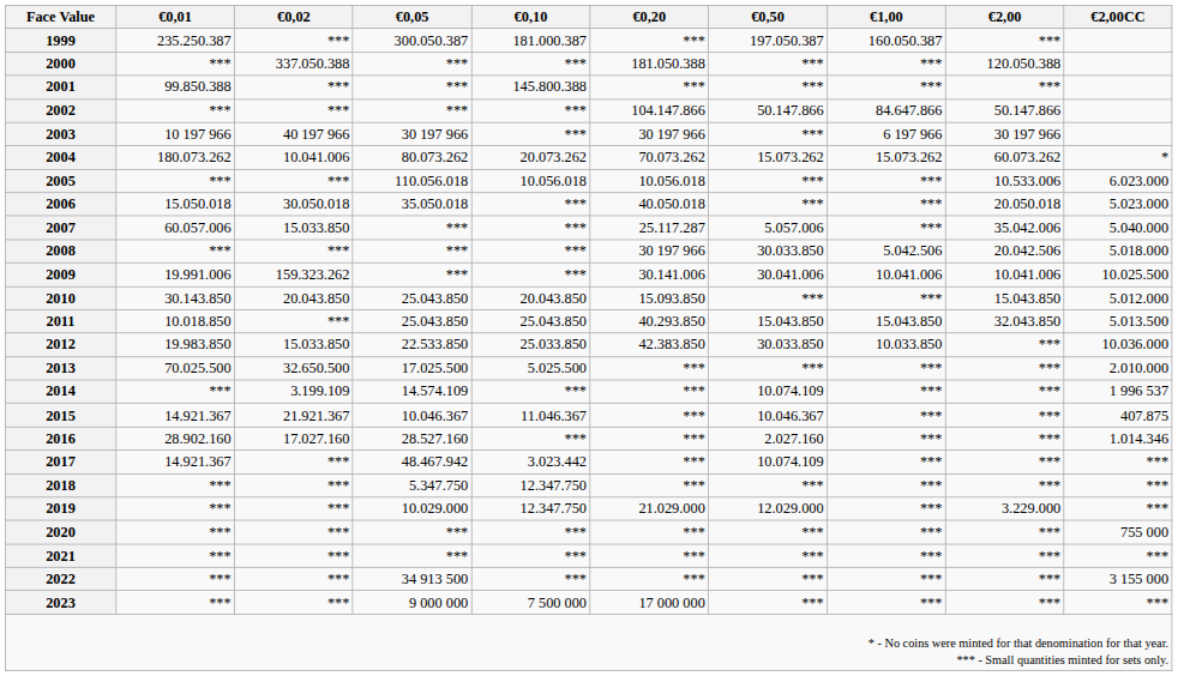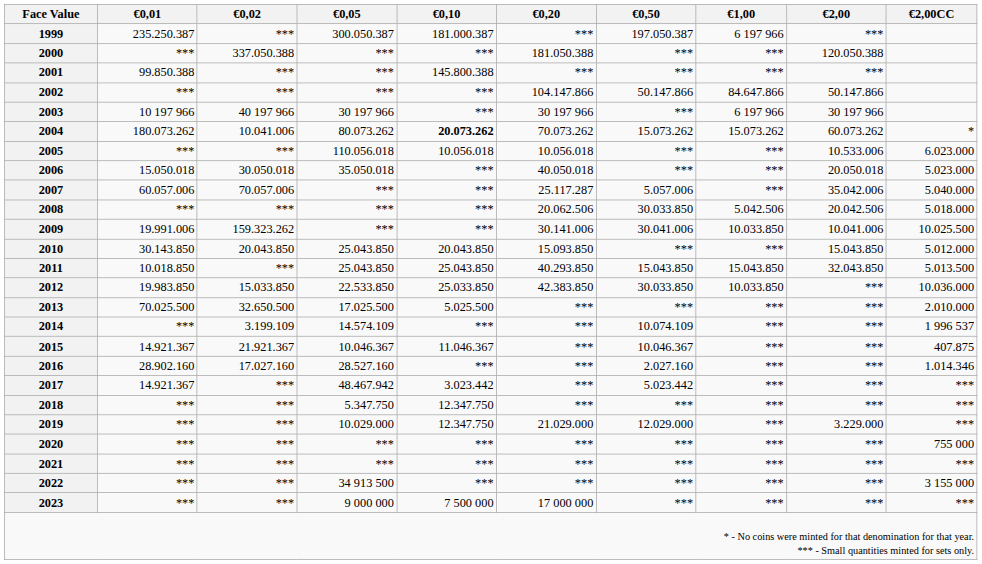 <table class="wikitable" style="width:100%;text-align:right">
 <tr>
 <th>Face Value</th>
 <th>€0,01</th>
 <th>€0,02</th>
 <th>€0,05</th>
 <th>€0,10</th>
 <th>€0,20</th>
 <th>€0,50</th>
 <th>€1,00</th>
 <th>€2,00</th>
 <th>€2,00CC</th>
 </tr>
 <tr>
 <th>1999</th>
 <td>235.250.387</td>
 <td>***</td>
 <td>300.050.387</td>
 <td>181.000.387</td>
 <td>***</td>
 <td>197.050.387</td>
-<td>160.050.387</td>
+<td>6 197 966</td>
 <td>***</td>
 <td></td>
 </tr>
 <tr>
 <th>2000</th>
 <td>***</td>
 <td>337.050.388</td>
 <td>***</td>
 <td>***</td>
 <td>181.050.388</td>
 <td>***</td>
 <td>***</td>
 <td>120.050.388</td>
 <td></td>
 </tr>
 <tr>
 <th>2001</th>
 <td>99.850.388</td>
 <td>***</td>
 <td>***</td>
 <td>145.800.388</td>
 <td>***</td>
 <td>***</td>
 <td>***</td>
 <td>***</td>
 <td></td>
 </tr>
 <tr>
 <th>2002</th>
 <td>***</td>
 <td>***</td>
 <td>***</td>
 <td>***</td>
 <td>104.147.866</td>
 <td>50.147.866</td>
 <td>84.647.866</td>
 <td>50.147.866</td>
 <td></td>
 </tr>
 <tr>
 <th>2003</th>
 <td>10 197 966</td>
 <td>40 197 966</td>
 <td>30 197 966</td>
 <td>***</td>
 <td>30 197 966</td>
 <td>***</td>
 <td>6 197 966</td>
 <td>30 197 966</td>
 <td></td>
 </tr>
 <tr>
 <th>2004</th>
 <td>180.073.262</td>
 <td>10.041.006</td>
 <td>80.073.262</td>
-<td>20.073.262</td>
+<td><strong>20.073.262</strong></td>
 <td>70.073.262</td>
 <td>15.073.262</td>
 <td>15.073.262</td>
 <td>60.073.262</td>
 <td>*</td>
 </tr>
 <tr>
 <th>2005</th>
 <td>***</td>
 <td>***</td>
 <td>110.056.018</td>
 <td>10.056.018</td>
 <td>10.056.018</td>
 <td>***</td>
 <td>***</td>
 <td>10.533.006</td>
 <td>6.023.000</td>
 </tr>
 <tr>
 <th>2006</th>
 <td>15.050.018</td>
 <td>30.050.018</td>
 <td>35.050.018</td>
 <td>***</td>
 <td>40.050.018</td>
 <td>***</td>
 <td>***</td>
 <td>20.050.018</td>
 <td>5.023.000</td>
 </tr>
 <tr>
 <th>2007</th>
 <td>60.057.006</td>
-<td>15.033.850</td>
+<td>70.057.006</td>
 <td>***</td>
 <td>***</td>
 <td>25.117.287</td>
 <td>5.057.006</td>
 <td>***</td>
 <td>35.042.006</td>
 <td>5.040.000</td>
 </tr>
 <tr>
 <th>2008</th>
 <td>***</td>
 <td>***</td>
 <td>***</td>
 <td>***</td>
-<td>30 197 966</td>
+<td>20.062.506</td>
 <td>30.033.850</td>
 <td>5.042.506</td>
 <td>20.042.506</td>
 <td>5.018.000</td>
 </tr>
 <tr>
 <th>2009</th>
 <td>19.991.006</td>
 <td>159.323.262</td>
 <td>***</td>
 <td>***</td>
 <td>30.141.006</td>
 <td>30.041.006</td>
-<td>10.041.006</td>
+<td>10.033.850</td>
 <td>10.041.006</td>
 <td>10.025.500</td>
 </tr>
 <tr>
 <th>2010</th>
 <td>30.143.850</td>
 <td>20.043.850</td>
 <td>25.043.850</td>
 <td>20.043.850</td>
 <td>15.093.850</td>
 <td>***</td>
 <td>***</td>
 <td>15.043.850</td>
 <td>5.012.000</td>
 </tr>
 <tr>
 <th>2011</th>
 <td>10.018.850</td>
 <td>***</td>
 <td>25.043.850</td>
 <td>25.043.850</td>
 <td>40.293.850</td>
 <td>15.043.850</td>
 <td>15.043.850</td>
 <td>32.043.850</td>
 <td>5.013.500</td>
 </tr>
 <tr>
 <th>2012</th>
 <td>19.983.850</td>
 <td>15.033.850</td>
 <td>22.533.850</td>
 <td>25.033.850</td>
 <td>42.383.850</td>
 <td>30.033.850</td>
 <td>10.033.850</td>
 <td>***</td>
 <td>10.036.000</td>
 </tr>
 <tr>
 <th>2013</th>
 <td>70.025.500</td>
 <td>32.650.500</td>
 <td>17.025.500</td>
 <td>5.025.500</td>
 <td>***</td>
 <td>***</td>
 <td>***</td>
 <td>***</td>
 <td>2.010.000</td>
 </tr>
 <tr>
 <th>2014</th>
 <td>***</td>
 <td>3.199.109</td>
 <td>14.574.109</td>
 <td>***</td>
 <td>***</td>
 <td>10.074.109</td>
 <td>***</td>
 <td>***</td>
 <td>1 996 537</td>
 </tr>
 <tr>
 <th>2015</th>
 <td>14.921.367</td>
 <td>21.921.367</td>
 <td>10.046.367</td>
 <td>11.046.367</td>
 <td>***</td>
 <td>10.046.367</td>
 <td>***</td>
 <td>***</td>
 <td>407.875</td>
 </tr>
 <tr>
 <th>2016</th>
 <td>28.902.160</td>
 <td>17.027.160</td>
 <td>28.527.160</td>
 <td>***</td>
 <td>***</td>
 <td>2.027.160</td>
 <td>***</td>
 <td>***</td>
 <td>1.014.346</td>
 </tr>
 <tr>
 <th>2017</th>
 <td>14.921.367</td>
 <td>***</td>
 <td>48.467.942</td>
 <td>3.023.442</td>
 <td>***</td>
-<td>10.074.109</td>
+<td>5.023.442</td>
 <td>***</td>
 <td>***</td>
 <td>***</td>
 </tr>
 <tr>
 <th>2018</th>
 <td>***</td>
 <td>***</td>
 <td>5.347.750</td>
 <td>12.347.750</td>
 <td>***</td>
 <td>***</td>
 <td>***</td>
 <td>***</td>
 <td>***</td>
 </tr>
 <tr>
 <th>2019</th>
 <td>***</td>
 <td>***</td>
 <td>10.029.000</td>
 <td>12.347.750</td>
 <td>21.029.000</td>
 <td>12.029.000</td>
 <td>***</td>
 <td>3.229.000</td>
 <td>***</td>
 </tr>
 <tr>
 <th>2020</th>
 <td>***</td>
 <td>***</td>
 <td>***</td>
 <td>***</td>
 <td>***</td>
 <td>***</td>
 <td>***</td>
 <td>***</td>
 <td>755 000</td>
 </tr>
 <tr>
 <th>2021</th>
 <td>***</td>
 <td>***</td>
 <td>***</td>
 <td>***</td>
 <td>***</td>
 <td>***</td>
 <td>***</td>
 <td>***</td>
 <td>***</td>
 </tr>
 <tr>
 <th>2022</th>
 <td>***</td>
 <td>***</td>
 <td>34 913 500</td>
 <td>***</td>
 <td>***</td>
 <td>***</td>
 <td>***</td>
 <td>***</td>
 <td>3 155 000</td>
 </tr>
 <tr>
 <th>2023</th>
 <td>***</td>
 <td>***</td>
 <td>9 000 000</td>
 <td>7 500 000</td>
 <td>17 000 000</td>
 <td>***</td>
 <td>***</td>
 <td>***</td>
 <td>***</td>
 </tr>
 <tr>
 <td colspan="10" align="right"><br><small>* - No coins were minted for that denomination for that year.</small><br> <small>*** - Small quantities minted for sets only.</small></td>
 </tr>
 </table>
